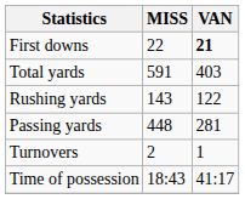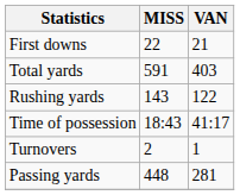 <table class="wikitable">
 <tr>
 <th>Statistics</th>
 <th>MISS</th>
 <th>VAN</th>
 </tr>
 <tr>
 <td>First downs</td>
 <td>22</td>
-<td><strong>21</strong></td>
+<td>21</td>
 </tr>
 <tr>
 <td>Total yards</td>
 <td>591</td>
 <td>403</td>
 </tr>
 <tr>
 <td>Rushing yards</td>
 <td>143</td>
 <td>122</td>
 </tr>
 <tr>
-<td>Passing yards</td>
-<td>448</td>
-<td>281</td>
+<td>Time of possession</td>
+<td>18:43</td>
+<td>41:17</td>
 </tr>
 <tr>
 <td>Turnovers</td>
 <td>2</td>
 <td>1</td>
 </tr>
 <tr>
-<td>Time of possession</td>
-<td>18:43</td>
-<td>41:17</td>
+<td>Passing yards</td>
+<td>448</td>
+<td>281</td>
 </tr>
 <tr>
 </tr>
 </table>
